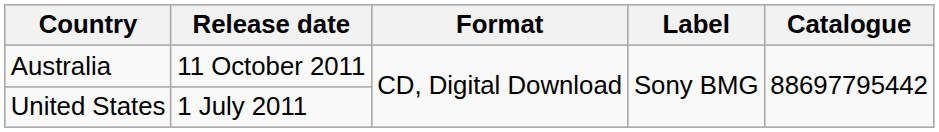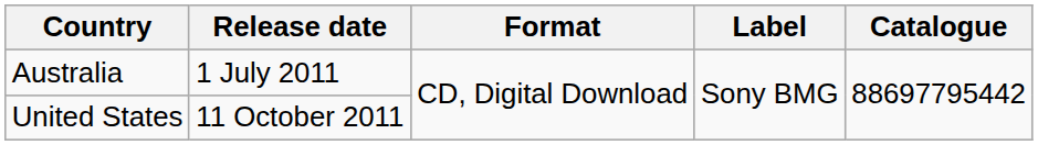 <table class="wikitable">
 <tr>
 <th>Country</th>
 <th>Release date</th>
 <th>Format</th>
 <th>Label</th>
 <th>Catalogue</th>
 </tr>
 <tr>
 <td>Australia</td>
-<td>11 October 2011</td>
+<td>1 July 2011</td>
 <td rowspan="2">CD, Digital Download</td>
 <td rowspan="2">Sony BMG</td>
 <td rowspan="2">88697795442</td>
 </tr>
 <tr>
 <td>United States</td>
-<td>1 July 2011</td>
+<td>11 October 2011</td>
 </tr>
 </table>
